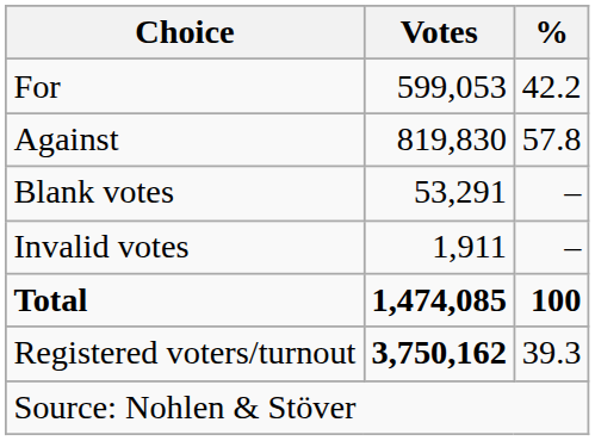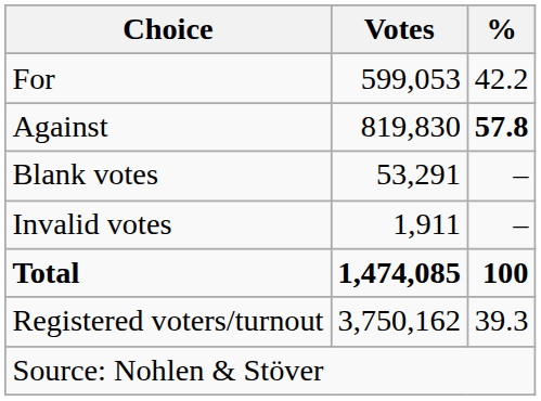 <table class=wikitable style=text-align:right>
 <tr>
 <th>Choice</th>
 <th>Votes</th>
 <th>%</th>
 </tr>
 <tr>
 <td align=left>For</td>
 <td>599,053</td>
 <td>42.2</td>
 </tr>
 <tr>
 <td align=left>Against</td>
 <td>819,830</td>
-<td>57.8</td>
+<td><strong>57.8</strong></td>
 </tr>
 <tr>
 <td align=left>Blank votes</td>
 <td>53,291</td>
 <td>–</td>
 </tr>
 <tr>
 <td align=left>Invalid votes</td>
 <td>1,911</td>
 <td>–</td>
 </tr>
 <tr>
 <td align=left><strong>Total</strong></td>
 <td><strong>1,474,085</strong></td>
 <td><strong>100</strong></td>
 </tr>
 <tr>
 <td align=left>Registered voters/turnout</td>
-<td><strong>3,750,162</strong></td>
+<td>3,750,162</td>
 <td>39.3</td>
 </tr>
 <tr>
 <td align=left colspan=3>Source: Nohlen & Stöver</td>
 </tr>
 </table>
